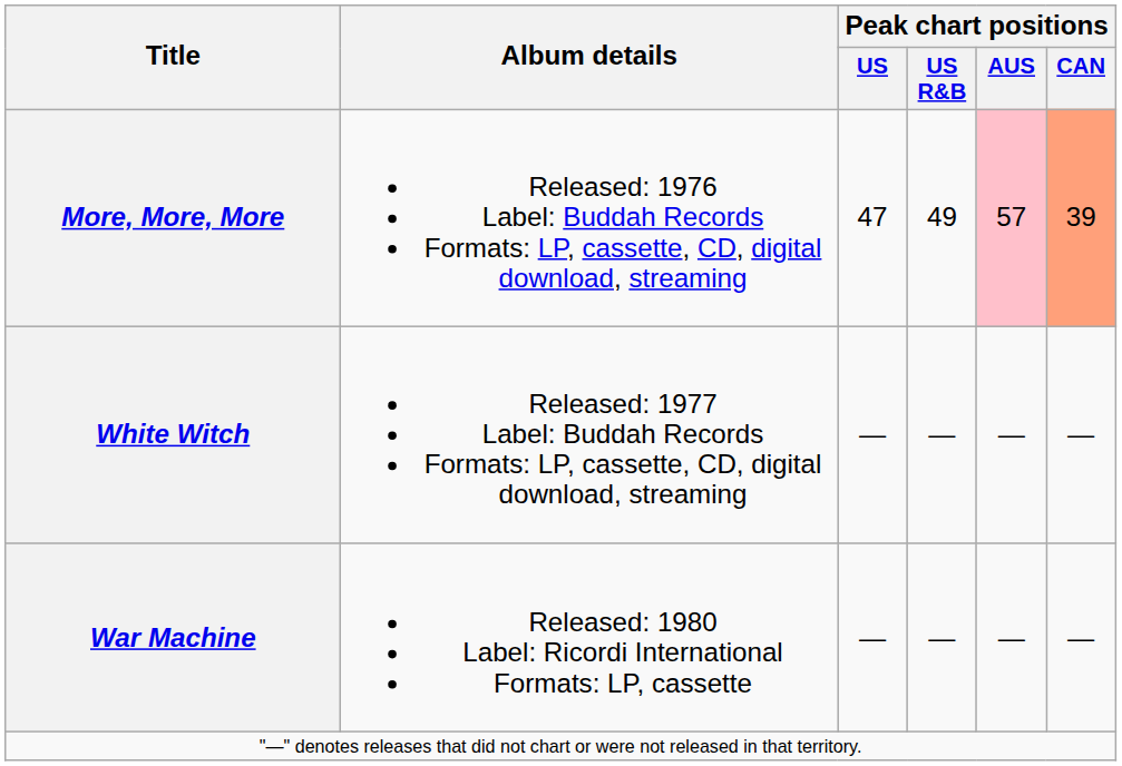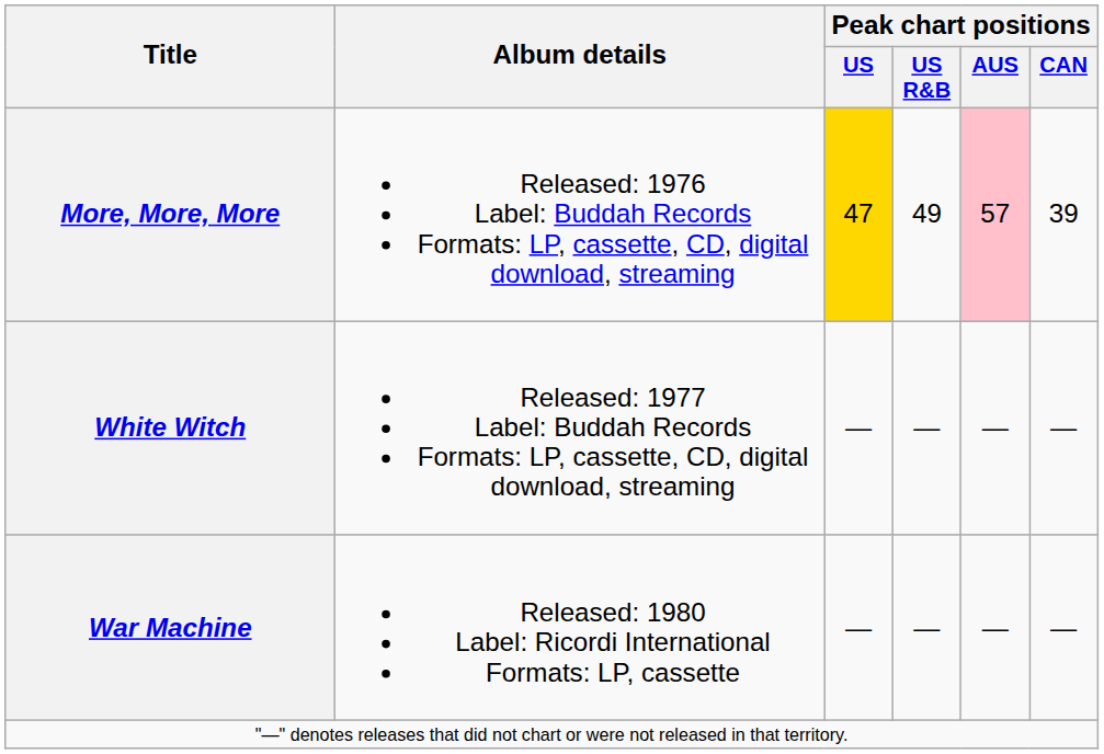 <table class="wikitable plainrowheaders" style="text-align:center;">
 <tr>
 <th scope="col" rowspan="2" style="width:12em;">Title</th>
 <th scope="col" rowspan="2" style="width:18em;">Album details</th>
 <th scope="col" colspan="4">Peak chart positions</th>
 </tr>
 <tr style="font-size:smaller;">
 <th width="35" align="center" valign="top"><a href='#'>US</a><br></th>
 <th width="35" align="center" valign="top"><a href='#'>US R&B</a><br></th>
 <th width="35" align="center" valign="top"><a href='#'>AUS</a><br></th>
 <th width="35" align="center" valign="top"><a href='#'>CAN</a><br></th>
 </tr>
 <tr>
 <th scope="row"><em><a href='#'>More, More, More</a></em></th>
 <td><br><ul><li>Released: 1976</li><li>Label: <a href='#'>Buddah Records</a></li><li>Formats: <a href='#'>LP</a>, <a href='#'>cassette</a>, <a href='#'>CD</a>, <a href='#'>digital download</a>, <a href='#'>streaming</a></li></ul></td>
-<td>47</td>
+<td style="background: gold;">47</td>
 <td>49</td>
 <td style="background: pink;">57</td>
-<td style="background: lightsalmon;">39</td>
+<td>39</td>
 </tr>
 <tr>
 <th scope="row"><em><a href='#'>White Witch</a></em></th>
 <td><br><ul><li>Released: 1977</li><li>Label: Buddah Records</li><li>Formats: LP, cassette, CD, digital download, streaming</li></ul></td>
 <td>—</td>
 <td>—</td>
 <td>—</td>
 <td>—</td>
 </tr>
 <tr>
 <th scope="row"><em><a href='#'>War Machine</a></em></th>
 <td><br><ul><li>Released: 1980</li><li>Label: Ricordi International</li><li>Formats: LP, cassette</li></ul></td>
 <td>—</td>
 <td>—</td>
 <td>—</td>
 <td>—</td>
 </tr>
 <tr>
 <td colspan="15" style="font-size:8pt">"—" denotes releases that did not chart or were not released in that territory.</td>
 </tr>
 </table>
